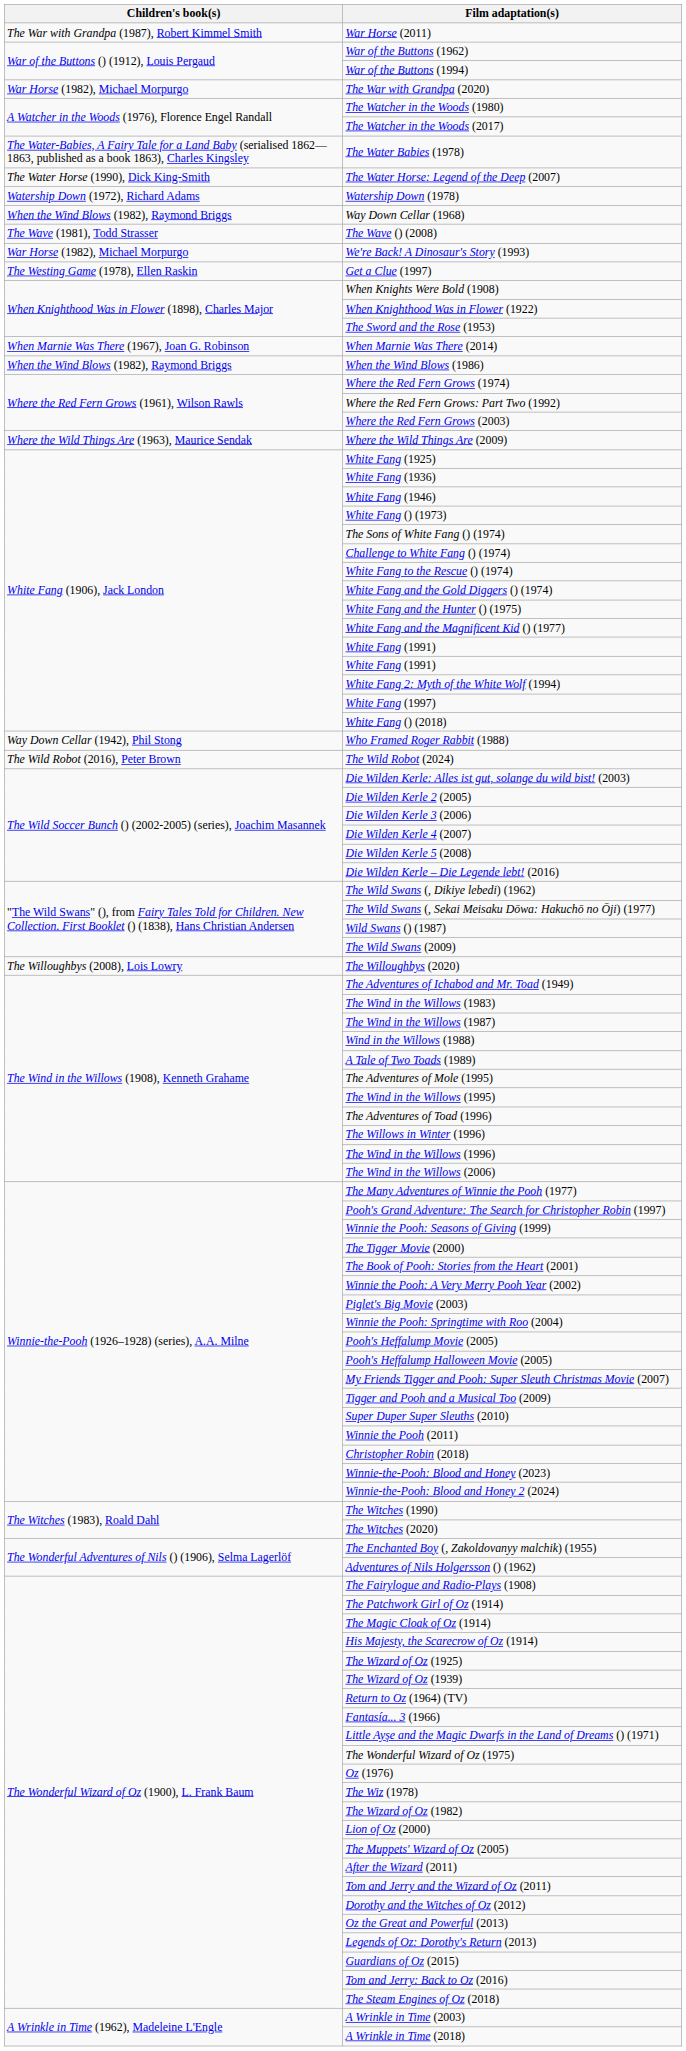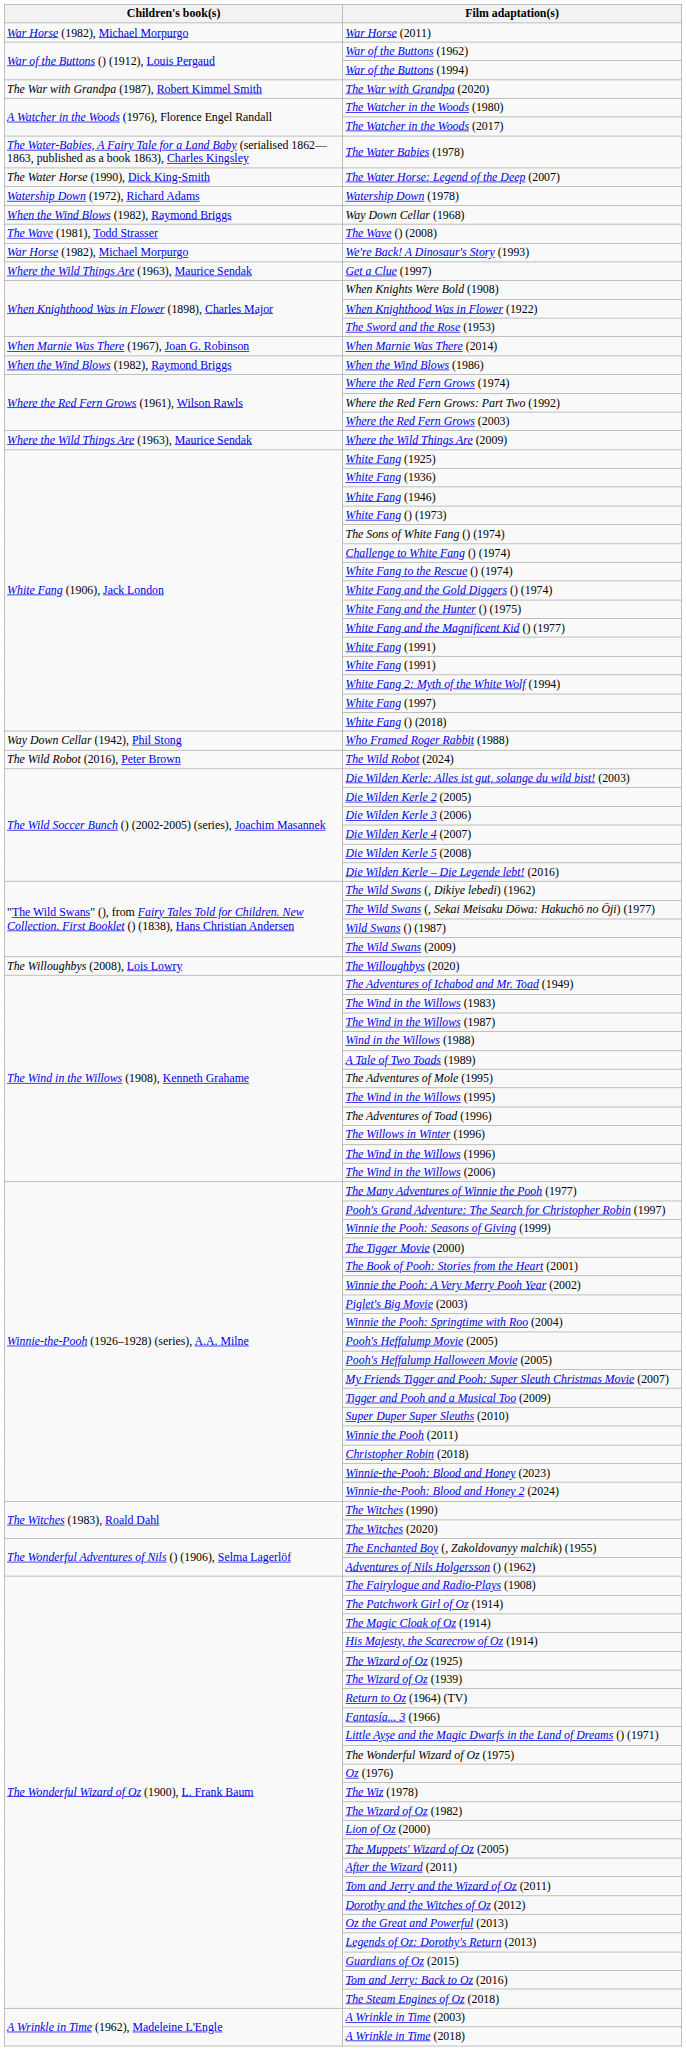 <table class="wikitable">
 <tr>
 <th width="450">Children's book(s)</th>
 <th width="450">Film adaptation(s)</th>
 </tr>
 <tr>
-<td><em>The War with Grandpa</em> (1987), <a href='#'>Robert Kimmel Smith</a></td>
+<td><em><a href='#'>War Horse</a></em> (1982), <a href='#'>Michael Morpurgo</a></td>
 <td><em><a href='#'>War Horse</a></em> (2011)</td>
 </tr>
 <tr>
 <td rowspan="2"><em><a href='#'>War of the Buttons</a></em> () (1912), <a href='#'>Louis Pergaud</a></td>
 <td><em><a href='#'>War of the Buttons</a></em>  (1962)</td>
 </tr>
 <tr>
 <td><em><a href='#'>War of the Buttons</a></em> (1994)</td>
 </tr>
 <tr>
-<td><em><a href='#'>War Horse</a></em> (1982), <a href='#'>Michael Morpurgo</a></td>
+<td><em>The War with Grandpa</em> (1987), <a href='#'>Robert Kimmel Smith</a></td>
 <td><em><a href='#'>The War with Grandpa</a></em> (2020)</td>
 </tr>
 <tr>
 <td rowspan="2"><em><a href='#'>A Watcher in the Woods</a></em> (1976), Florence Engel Randall</td>
 <td><em><a href='#'>The Watcher in the Woods</a></em> (1980)</td>
 </tr>
 <tr>
 <td><em><a href='#'>The Watcher in the Woods</a></em> (2017)</td>
 </tr>
 <tr>
 <td><em><a href='#'>The Water-Babies, A Fairy Tale for a Land Baby</a></em> (serialised 1862—1863, published as a book 1863), <a href='#'>Charles Kingsley</a></td>
 <td><em><a href='#'>The Water Babies</a></em> (1978)</td>
 </tr>
 <tr>
 <td><em>The Water Horse</em> (1990), <a href='#'>Dick King-Smith</a></td>
 <td><em><a href='#'>The Water Horse: Legend of the Deep</a></em> (2007)</td>
 </tr>
 <tr>
 <td><em><a href='#'>Watership Down</a></em> (1972), <a href='#'>Richard Adams</a></td>
 <td><em><a href='#'>Watership Down</a></em> (1978)</td>
 </tr>
 <tr>
 <td><em><a href='#'>When the Wind Blows</a></em> (1982), <a href='#'>Raymond Briggs</a></td>
 <td><em>Way Down Cellar</em> (1968)</td>
 </tr>
 <tr>
 <td><em><a href='#'>The Wave</a></em> (1981), <a href='#'>Todd Strasser</a></td>
 <td><em><a href='#'>The Wave</a></em> () (2008)</td>
 </tr>
 <tr>
 <td><em><a href='#'>War Horse</a></em> (1982), <a href='#'>Michael Morpurgo</a></td>
 <td><em><a href='#'>We're Back! A Dinosaur's Story</a></em> (1993)</td>
 </tr>
 <tr>
-<td><em><a href='#'>The Westing Game</a></em> (1978), <a href='#'>Ellen Raskin</a></td>
+<td><em><a href='#'>Where the Wild Things Are</a></em> (1963), <a href='#'>Maurice Sendak</a></td>
 <td><em><a href='#'>Get a Clue</a></em> (1997)</td>
 </tr>
 <tr>
 <td rowspan="3"><em><a href='#'>When Knighthood Was in Flower</a></em> (1898), <a href='#'>Charles Major</a></td>
 <td><em>When Knights Were Bold</em> (1908)</td>
 </tr>
 <tr>
 <td><em><a href='#'>When Knighthood Was in Flower</a></em> (1922)</td>
 </tr>
 <tr>
 <td><em><a href='#'>The Sword and the Rose</a></em> (1953)</td>
 </tr>
 <tr>
 <td><em><a href='#'>When Marnie Was There</a></em> (1967), <a href='#'>Joan G. Robinson</a></td>
 <td><em><a href='#'>When Marnie Was There</a></em> (2014)</td>
 </tr>
 <tr>
 <td><em><a href='#'>When the Wind Blows</a></em> (1982), <a href='#'>Raymond Briggs</a></td>
 <td><em><a href='#'>When the Wind Blows</a></em> (1986)</td>
 </tr>
 <tr>
 <td rowspan="3"><em><a href='#'>Where the Red Fern Grows</a></em> (1961), <a href='#'>Wilson Rawls</a></td>
 <td><em><a href='#'>Where the Red Fern Grows</a></em> (1974)</td>
 </tr>
 <tr>
 <td><em>Where the Red Fern Grows: Part Two</em> (1992)</td>
 </tr>
 <tr>
 <td><em><a href='#'>Where the Red Fern Grows</a></em> (2003)</td>
 </tr>
 <tr>
 <td><em><a href='#'>Where the Wild Things Are</a></em> (1963), <a href='#'>Maurice Sendak</a></td>
 <td><em><a href='#'>Where the Wild Things Are</a></em> (2009)</td>
 </tr>
 <tr>
 <td rowspan="15"><em><a href='#'>White Fang</a></em> (1906), <a href='#'>Jack London</a></td>
 <td><em><a href='#'>White Fang</a></em> (1925)</td>
 </tr>
 <tr>
 <td><em><a href='#'>White Fang</a></em> (1936)</td>
 </tr>
 <tr>
 <td><em><a href='#'>White Fang</a></em> (1946)</td>
 </tr>
 <tr>
 <td><em><a href='#'>White Fang</a></em> () (1973)</td>
 </tr>
 <tr>
 <td><em>The Sons of White Fang</em> () (1974)</td>
 </tr>
 <tr>
 <td><em><a href='#'>Challenge to White Fang</a></em> () (1974)</td>
 </tr>
 <tr>
 <td><em><a href='#'>White Fang to the Rescue</a></em> () (1974)</td>
 </tr>
 <tr>
 <td><em><a href='#'>White Fang and the Gold Diggers</a></em> () (1974)</td>
 </tr>
 <tr>
 <td><em><a href='#'>White Fang and the Hunter</a></em> () (1975)</td>
 </tr>
 <tr>
 <td><em><a href='#'>White Fang and the Magnificent Kid</a></em> () (1977)</td>
 </tr>
 <tr>
 <td><em><a href='#'>White Fang</a></em> (1991)</td>
 </tr>
 <tr>
 <td><em><a href='#'>White Fang</a></em> (1991)</td>
 </tr>
 <tr>
 <td><em><a href='#'>White Fang 2: Myth of the White Wolf</a></em> (1994)</td>
 </tr>
 <tr>
 <td><em><a href='#'>White Fang</a></em> (1997)</td>
 </tr>
 <tr>
 <td><em><a href='#'>White Fang</a></em> () (2018)</td>
 </tr>
 <tr>
 <td><em>Way Down Cellar</em> (1942), <a href='#'>Phil Stong</a></td>
 <td><em><a href='#'>Who Framed Roger Rabbit</a></em> (1988)</td>
 </tr>
 <tr>
 <td><em>The Wild Robot</em> (2016), <a href='#'>Peter Brown</a></td>
 <td><em><a href='#'>The Wild Robot</a></em> (2024)</td>
 </tr>
 <tr>
 <td rowspan="6"><em><a href='#'>The Wild Soccer Bunch</a></em> () (2002-2005) (series), <a href='#'>Joachim Masannek</a></td>
 <td><em><a href='#'>Die Wilden Kerle: Alles ist gut, solange du wild bist!</a></em> (2003)</td>
 </tr>
 <tr>
 <td><em><a href='#'>Die Wilden Kerle 2</a></em> (2005)</td>
 </tr>
 <tr>
 <td><em><a href='#'>Die Wilden Kerle 3</a></em> (2006)</td>
 </tr>
 <tr>
 <td><em><a href='#'>Die Wilden Kerle 4</a></em> (2007)</td>
 </tr>
 <tr>
 <td><em><a href='#'>Die Wilden Kerle 5</a></em> (2008)</td>
 </tr>
 <tr>
 <td><em><a href='#'>Die Wilden Kerle – Die Legende lebt!</a></em> (2016)</td>
 </tr>
 <tr>
 <td rowspan="4">"<a href='#'>The Wild Swans</a>" (), from  <em><a href='#'>Fairy Tales Told for Children. New Collection. First Booklet</a></em> () (1838), <a href='#'>Hans Christian Andersen</a></td>
 <td><em><a href='#'>The Wild Swans</a></em> (, <em>Dikiye lebedi</em>) (1962)</td>
 </tr>
 <tr>
 <td><em><a href='#'>The Wild Swans</a></em> (, <em>Sekai Meisaku Dōwa: Hakuchō no Ōji</em>) (1977)</td>
 </tr>
 <tr>
 <td><em><a href='#'>Wild Swans</a></em> () (1987)</td>
 </tr>
 <tr>
 <td><em><a href='#'>The Wild Swans</a></em> (2009)</td>
 </tr>
 <tr>
 <td><em>The Willoughbys</em> (2008), <a href='#'>Lois Lowry</a></td>
 <td><em><a href='#'>The Willoughbys</a></em> (2020)</td>
 </tr>
 <tr>
 <td rowspan="11"><em><a href='#'>The Wind in the Willows</a></em> (1908), <a href='#'>Kenneth Grahame</a></td>
 <td><em><a href='#'>The Adventures of Ichabod and Mr. Toad</a></em> (1949)</td>
 </tr>
 <tr>
 <td><em><a href='#'>The Wind in the Willows</a></em> (1983)</td>
 </tr>
 <tr>
 <td><em><a href='#'>The Wind in the Willows</a></em> (1987)</td>
 </tr>
 <tr>
 <td><em><a href='#'>Wind in the Willows</a></em> (1988)</td>
 </tr>
 <tr>
 <td><em><a href='#'>A Tale of Two Toads</a></em> (1989)</td>
 </tr>
 <tr>
 <td><em>The Adventures of Mole</em> (1995)</td>
 </tr>
 <tr>
 <td><em><a href='#'>The Wind in the Willows</a></em> (1995)</td>
 </tr>
 <tr>
 <td><em>The Adventures of Toad</em> (1996)</td>
 </tr>
 <tr>
 <td><em><a href='#'>The Willows in Winter</a></em> (1996)</td>
 </tr>
 <tr>
 <td><em><a href='#'>The Wind in the Willows</a></em> (1996)</td>
 </tr>
 <tr>
 <td><em><a href='#'>The Wind in the Willows</a></em> (2006)</td>
 </tr>
 <tr>
 <td rowspan="17"><em><a href='#'>Winnie-the-Pooh</a></em> (1926–1928) (series), <a href='#'>A.A. Milne</a></td>
 <td><em><a href='#'>The Many Adventures of Winnie the Pooh</a></em> (1977)</td>
 </tr>
 <tr>
 <td><em><a href='#'>Pooh's Grand Adventure: The Search for Christopher Robin</a></em> (1997)</td>
 </tr>
 <tr>
 <td><em><a href='#'>Winnie the Pooh: Seasons of Giving</a></em> (1999)</td>
 </tr>
 <tr>
 <td><em><a href='#'>The Tigger Movie</a></em> (2000)</td>
 </tr>
 <tr>
 <td><em><a href='#'>The Book of Pooh: Stories from the Heart</a></em> (2001)</td>
 </tr>
 <tr>
 <td><em><a href='#'>Winnie the Pooh: A Very Merry Pooh Year</a></em> (2002)</td>
 </tr>
 <tr>
 <td><em><a href='#'>Piglet's Big Movie</a></em> (2003)</td>
 </tr>
 <tr>
 <td><em><a href='#'>Winnie the Pooh: Springtime with Roo</a></em> (2004)</td>
 </tr>
 <tr>
 <td><em><a href='#'>Pooh's Heffalump Movie</a></em> (2005)</td>
 </tr>
 <tr>
 <td><em><a href='#'>Pooh's Heffalump Halloween Movie</a></em> (2005)</td>
 </tr>
 <tr>
 <td><em><a href='#'>My Friends Tigger and Pooh: Super Sleuth Christmas Movie</a></em> (2007)</td>
 </tr>
 <tr>
 <td><em><a href='#'>Tigger and Pooh and a Musical Too</a></em> (2009)</td>
 </tr>
 <tr>
 <td><em><a href='#'>Super Duper Super Sleuths</a></em> (2010)</td>
 </tr>
 <tr>
 <td><em><a href='#'>Winnie the Pooh</a></em> (2011)</td>
 </tr>
 <tr>
 <td><em><a href='#'>Christopher Robin</a></em> (2018)</td>
 </tr>
 <tr>
 <td><em><a href='#'>Winnie-the-Pooh: Blood and Honey</a></em> (2023)</td>
 </tr>
 <tr>
 <td><em><a href='#'>Winnie-the-Pooh: Blood and Honey 2</a></em> (2024)</td>
 </tr>
 <tr>
 <td rowspan="2"><em><a href='#'>The Witches</a></em> (1983), <a href='#'>Roald Dahl</a></td>
 <td><em><a href='#'>The Witches</a></em> (1990)</td>
 </tr>
 <tr>
 <td><em><a href='#'>The Witches</a></em> (2020)</td>
 </tr>
 <tr>
 <td rowspan="2"><em><a href='#'>The Wonderful Adventures of Nils</a></em> () (1906), <a href='#'>Selma Lagerlöf</a></td>
 <td><em><a href='#'>The Enchanted Boy</a></em> (, <em>Zakoldovanyy malchik</em>) (1955)</td>
 </tr>
 <tr>
 <td><em><a href='#'>Adventures of Nils Holgersson</a></em> () (1962)</td>
 </tr>
 <tr>
 <td rowspan="23"><em><a href='#'>The Wonderful Wizard of Oz</a></em> (1900), <a href='#'>L. Frank Baum</a></td>
 <td><em><a href='#'>The Fairylogue and Radio-Plays</a></em> (1908)</td>
 </tr>
 <tr>
 <td><em><a href='#'>The Patchwork Girl of Oz</a></em> (1914)</td>
 </tr>
 <tr>
 <td><em><a href='#'>The Magic Cloak of Oz</a></em> (1914)</td>
 </tr>
 <tr>
 <td><em><a href='#'>His Majesty, the Scarecrow of Oz</a></em> (1914)</td>
 </tr>
 <tr>
 <td><em><a href='#'>The Wizard of Oz</a></em> (1925)</td>
 </tr>
 <tr>
 <td><em><a href='#'>The Wizard of Oz</a></em> (1939)</td>
 </tr>
 <tr>
 <td><em><a href='#'>Return to Oz</a></em> (1964) (TV)</td>
 </tr>
 <tr>
 <td><em><a href='#'>Fantasía... 3</a></em> (1966)</td>
 </tr>
 <tr>
 <td><em><a href='#'>Little Ayşe and the Magic Dwarfs in the Land of Dreams</a></em> () (1971)</td>
 </tr>
 <tr>
 <td><em>The Wonderful Wizard of Oz</em> (1975)</td>
 </tr>
 <tr>
 <td><em><a href='#'>Oz</a></em> (1976)</td>
 </tr>
 <tr>
 <td><em><a href='#'>The Wiz</a></em> (1978)</td>
 </tr>
 <tr>
 <td><em><a href='#'>The Wizard of Oz</a></em> (1982)</td>
 </tr>
 <tr>
 <td><em><a href='#'>Lion of Oz</a></em> (2000)</td>
 </tr>
 <tr>
 <td><em><a href='#'>The Muppets' Wizard of Oz</a></em> (2005)</td>
 </tr>
 <tr>
 <td><em><a href='#'>After the Wizard</a></em> (2011)</td>
 </tr>
 <tr>
 <td><em><a href='#'>Tom and Jerry and the Wizard of Oz</a></em> (2011)</td>
 </tr>
 <tr>
 <td><em><a href='#'>Dorothy and the Witches of Oz</a></em> (2012)</td>
 </tr>
 <tr>
 <td><em><a href='#'>Oz the Great and Powerful</a></em> (2013)</td>
 </tr>
 <tr>
 <td><em><a href='#'>Legends of Oz: Dorothy's Return</a></em> (2013)</td>
 </tr>
 <tr>
 <td><em><a href='#'>Guardians of Oz</a></em> (2015)</td>
 </tr>
 <tr>
 <td><em><a href='#'>Tom and Jerry: Back to Oz</a></em> (2016)</td>
 </tr>
 <tr>
 <td><em><a href='#'>The Steam Engines of Oz</a></em> (2018)</td>
 </tr>
 <tr>
 <td rowspan="2"><em><a href='#'>A Wrinkle in Time</a></em> (1962), <a href='#'>Madeleine L'Engle</a></td>
 <td><em><a href='#'>A Wrinkle in Time</a></em> (2003)</td>
 </tr>
 <tr>
 <td><em><a href='#'>A Wrinkle in Time</a></em> (2018)</td>
 </tr>
 </table>
